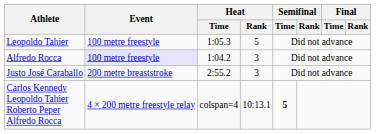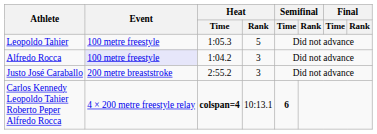 <table class=wikitable style="font-size:90%">
 <tr>
 <th rowspan="2">Athlete</th>
 <th rowspan="2">Event</th>
 <th colspan="2">Heat</th>
 <th colspan="2">Semifinal</th>
 <th colspan="2">Final</th>
 </tr>
 <tr style="font-size:95%">
 <th>Time</th>
 <th>Rank</th>
 <th>Time</th>
 <th>Rank</th>
 <th>Time</th>
 <th>Rank</th>
 </tr>
 <tr align=center>
 <td align=left rowspan=1><a href='#'>Leopoldo Tahier</a></td>
 <td align=left><a href='#'>100 metre freestyle</a></td>
 <td>1:05.3</td>
 <td>5</td>
 <td colspan=4>Did not advance</td>
 </tr>
 <tr align=center>
 <td align=left rowspan=1><a href='#'>Alfredo Rocca</a></td>
 <td align=left style="background: lavender;"><a href='#'>100 metre freestyle</a></td>
 <td>1:04.2</td>
 <td>3</td>
 <td colspan=4>Did not advance</td>
 </tr>
 <tr align=center>
 <td align=left rowspan=1><a href='#'>Justo José Caraballo</a></td>
 <td align=left><a href='#'>200 metre breaststroke</a></td>
 <td>2:55.2</td>
 <td>3</td>
 <td colspan=4>Did not advance</td>
 </tr>
 <tr align=center>
 <td align=left rowspan=1><a href='#'>Carlos Kennedy</a><br><a href='#'>Leopoldo Tahier</a><br><a href='#'>Roberto Peper</a><br><a href='#'>Alfredo Rocca</a></td>
 <td align=left><a href='#'>4 × 200 metre freestyle relay</a></td>
-<td>colspan=4 </td>
+<td><strong>colspan=4 </strong></td>
 <td>10:13.1</td>
-<td><strong>5</strong></td>
+<td><strong>6</strong></td>
 </tr>
 </table>
